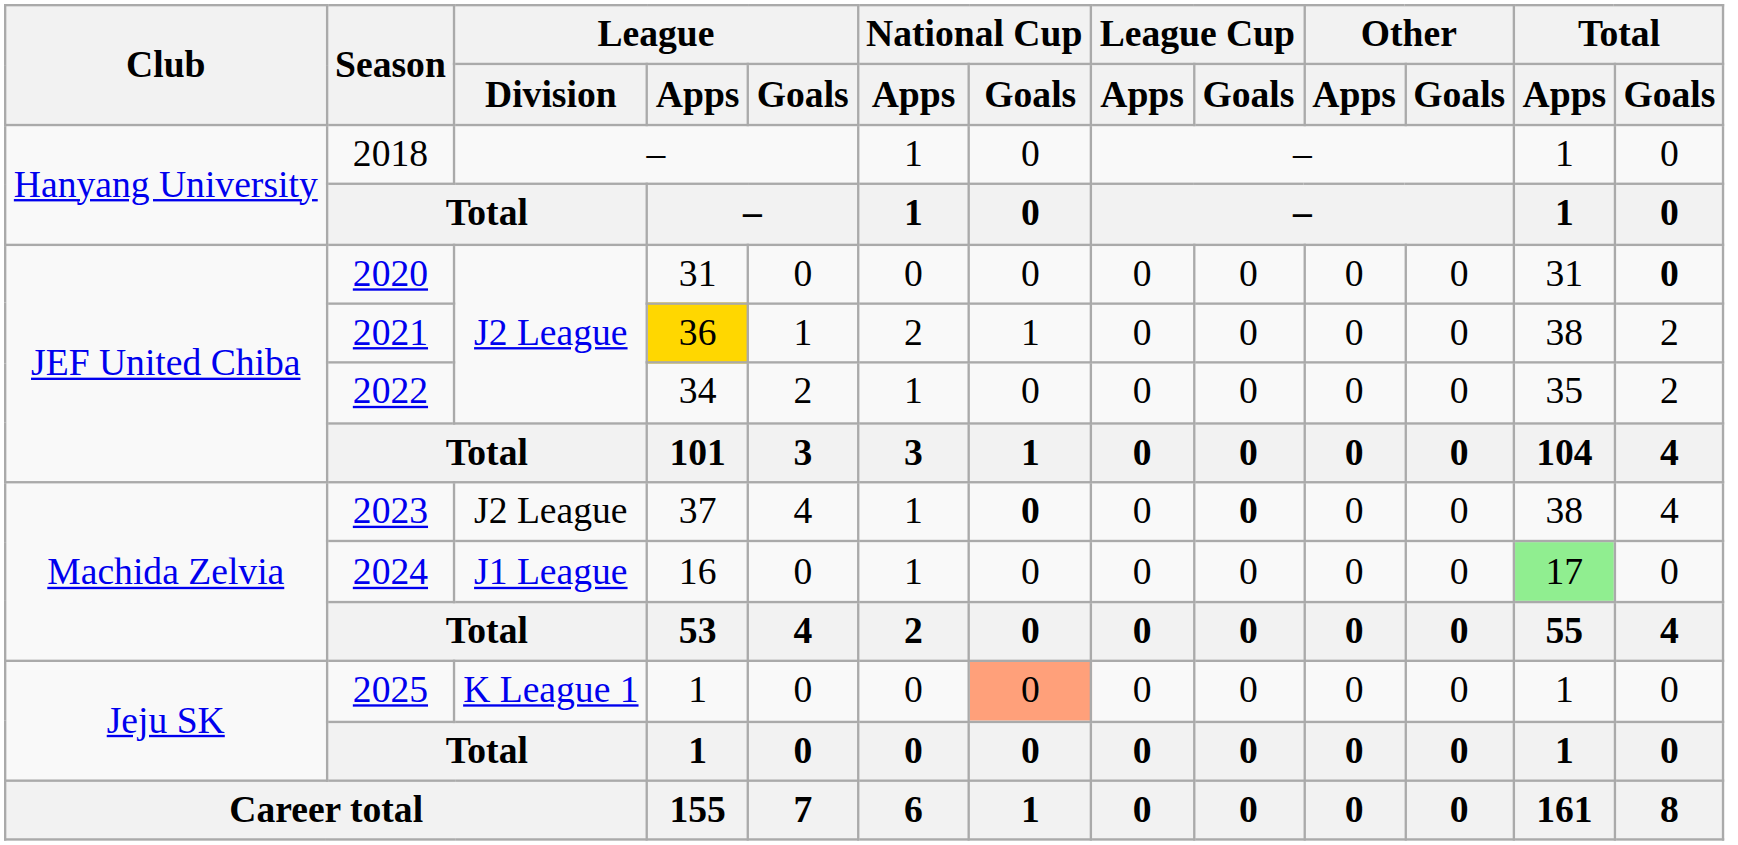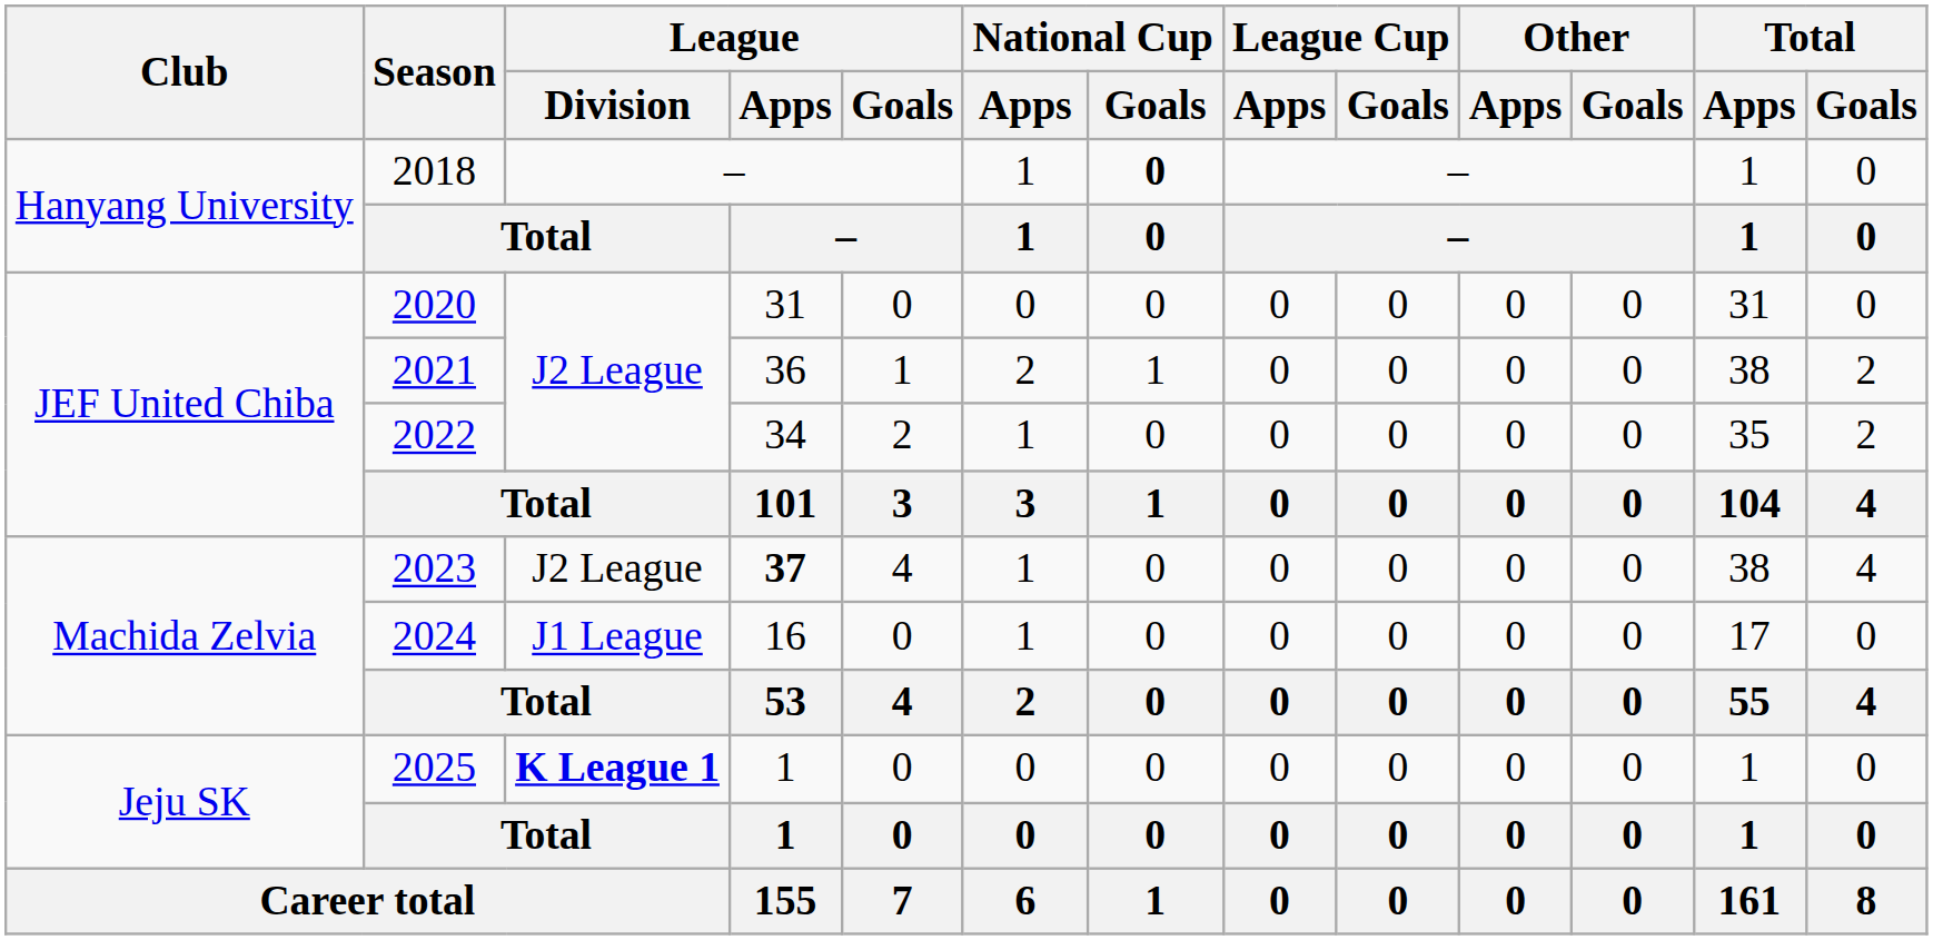 <table class="wikitable" style="text-align: center">
 <tr>
 <th rowspan="2">Club</th>
 <th rowspan="2">Season</th>
 <th colspan="3">League</th>
 <th colspan="2">National Cup</th>
 <th colspan="2">League Cup</th>
 <th colspan="2">Other</th>
 <th colspan="2">Total</th>
 </tr>
 <tr>
 <th>Division</th>
 <th>Apps</th>
 <th>Goals</th>
 <th>Apps</th>
 <th>Goals</th>
 <th>Apps</th>
 <th>Goals</th>
 <th>Apps</th>
 <th>Goals</th>
 <th>Apps</th>
 <th>Goals</th>
 </tr>
 <tr>
 <td rowspan="2"><a href='#'>Hanyang University</a></td>
 <td>2018</td>
 <td colspan="3">–</td>
 <td>1</td>
-<td>0</td>
+<td><strong>0</strong></td>
 <td colspan="4">–</td>
 <td>1</td>
 <td>0</td>
 </tr>
 <tr>
 <th colspan=2>Total</th>
 <th colspan="2">–</th>
 <th>1</th>
 <th>0</th>
 <th colspan="4">–</th>
 <th>1</th>
 <th>0</th>
 </tr>
 <tr>
 <td rowspan="4"><a href='#'>JEF United Chiba</a></td>
 <td><a href='#'>2020</a></td>
 <td rowspan="3"><a href='#'>J2 League</a></td>
 <td>31</td>
 <td>0</td>
 <td>0</td>
 <td>0</td>
 <td>0</td>
 <td>0</td>
 <td>0</td>
 <td>0</td>
 <td>31</td>
-<td><strong>0</strong></td>
+<td>0</td>
 </tr>
 <tr>
 <td><a href='#'>2021</a></td>
-<td style="background: gold;">36</td>
+<td>36</td>
 <td>1</td>
 <td>2</td>
 <td>1</td>
 <td>0</td>
 <td>0</td>
 <td>0</td>
 <td>0</td>
 <td>38</td>
 <td>2</td>
 </tr>
 <tr>
 <td><a href='#'>2022</a></td>
 <td>34</td>
 <td>2</td>
 <td>1</td>
 <td>0</td>
 <td>0</td>
 <td>0</td>
 <td>0</td>
 <td>0</td>
 <td>35</td>
 <td>2</td>
 </tr>
 <tr>
 <th colspan=2>Total</th>
 <th>101</th>
 <th>3</th>
 <th>3</th>
 <th>1</th>
 <th>0</th>
 <th>0</th>
 <th>0</th>
 <th>0</th>
 <th>104</th>
 <th>4</th>
 </tr>
 <tr>
 <td rowspan="3"><a href='#'>Machida Zelvia</a></td>
 <td><a href='#'>2023</a></td>
 <td>J2 League</td>
-<td>37</td>
+<td><strong>37</strong></td>
 <td>4</td>
 <td>1</td>
-<td><strong>0</strong></td>
 <td>0</td>
-<td><strong>0</strong></td>
+<td>0</td>
+<td>0</td>
 <td>0</td>
 <td>0</td>
 <td>38</td>
 <td>4</td>
 </tr>
 <tr>
 <td><a href='#'>2024</a></td>
 <td><a href='#'>J1 League</a></td>
 <td>16</td>
 <td>0</td>
 <td>1</td>
 <td>0</td>
 <td>0</td>
 <td>0</td>
 <td>0</td>
 <td>0</td>
-<td style="background: lightgreen;">17</td>
+<td>17</td>
 <td>0</td>
 </tr>
 <tr>
 <th colspan=2>Total</th>
 <th>53</th>
 <th>4</th>
 <th>2</th>
 <th>0</th>
 <th>0</th>
 <th>0</th>
 <th>0</th>
 <th>0</th>
 <th>55</th>
 <th>4</th>
 </tr>
 <tr>
 <td rowspan="2"><a href='#'>Jeju SK</a></td>
 <td><a href='#'>2025</a></td>
-<td><a href='#'>K League 1</a></td>
+<td><strong><a href='#'>K League 1</a></strong></td>
 <td>1</td>
 <td>0</td>
 <td>0</td>
-<td style="background: lightsalmon;">0</td>
+<td>0</td>
 <td>0</td>
 <td>0</td>
 <td>0</td>
 <td>0</td>
 <td>1</td>
 <td>0</td>
 </tr>
 <tr>
 <th colspan=2>Total</th>
 <th>1</th>
 <th>0</th>
 <th>0</th>
 <th>0</th>
 <th>0</th>
 <th>0</th>
 <th>0</th>
 <th>0</th>
 <th>1</th>
 <th>0</th>
 </tr>
 <tr>
 <th colspan=3>Career total</th>
 <th>155</th>
 <th>7</th>
 <th>6</th>
 <th>1</th>
 <th>0</th>
 <th>0</th>
 <th>0</th>
 <th>0</th>
 <th>161</th>
 <th>8</th>
 </tr>
 </table>
